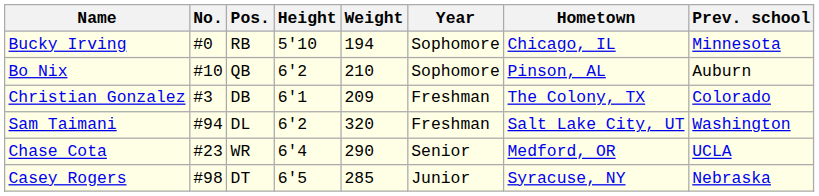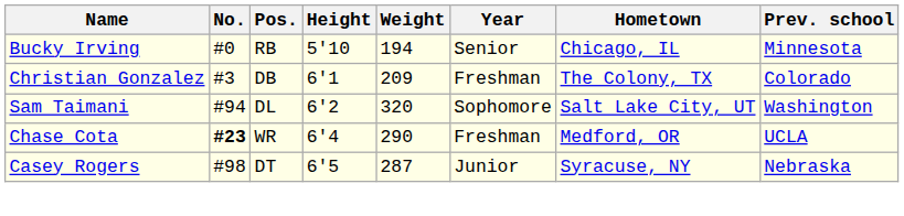 <table class="wikitable sortable mw-collapsible mw-collapsed">
 <tr>
 <th>Name</th>
 <th>No.</th>
 <th>Pos.</th>
 <th>Height</th>
 <th>Weight</th>
 <th>Year</th>
 <th>Hometown</th>
 <th class="unsortable">Prev. school</th>
 </tr>
 <tr style="background:#FFFFE6;">
 <td><a href='#'>Bucky Irving</a></td>
 <td>#0</td>
 <td>RB</td>
 <td>5'10</td>
 <td>194</td>
-<td>Sophomore</td>
+<td>Senior</td>
 <td><a href='#'>Chicago, IL</a></td>
 <td><a href='#'>Minnesota</a></td>
-</tr>
-<tr style="background:#FFFFE6;">
-<td><a href='#'>Bo Nix</a></td>
-<td>#10</td>
-<td>QB</td>
-<td>6'2</td>
-<td>210</td>
-<td>Sophomore</td>
-<td><a href='#'>Pinson, AL</a></td>
-<td>Auburn</td>
 </tr>
 <tr style="background:#FFFFE6;">
 <td><a href='#'>Christian Gonzalez</a></td>
 <td>#3</td>
 <td>DB</td>
 <td>6'1</td>
 <td>209</td>
 <td>Freshman</td>
 <td><a href='#'>The Colony, TX</a></td>
 <td><a href='#'>Colorado</a></td>
 </tr>
 <tr style="background:#FFFFE6;">
 <td><a href='#'>Sam Taimani</a></td>
 <td>#94</td>
 <td>DL</td>
 <td>6'2</td>
 <td>320</td>
-<td>Freshman</td>
+<td>Sophomore</td>
 <td><a href='#'>Salt Lake City, UT</a></td>
 <td><a href='#'>Washington</a></td>
 </tr>
 <tr style="background:#FFFFE6;">
 <td><a href='#'>Chase Cota</a></td>
-<td>#23</td>
+<td><strong>#23</strong></td>
 <td>WR</td>
 <td>6'4</td>
 <td>290</td>
-<td>Senior</td>
+<td>Freshman</td>
 <td><a href='#'>Medford, OR</a></td>
 <td><a href='#'>UCLA</a></td>
 </tr>
 <tr style="background:#FFFFE6;">
 <td><a href='#'>Casey Rogers</a></td>
 <td>#98</td>
 <td>DT</td>
 <td>6'5</td>
-<td>285</td>
+<td>287</td>
 <td>Junior</td>
 <td><a href='#'>Syracuse, NY</a></td>
 <td><a href='#'>Nebraska</a></td>
 </tr>
 </table>
